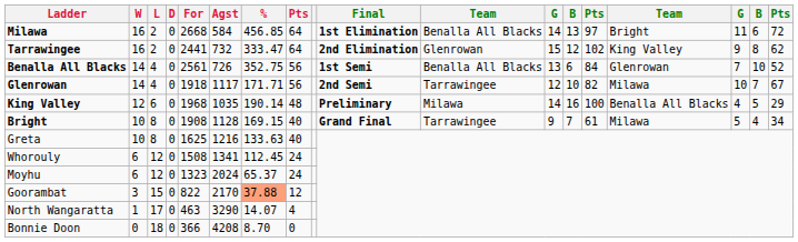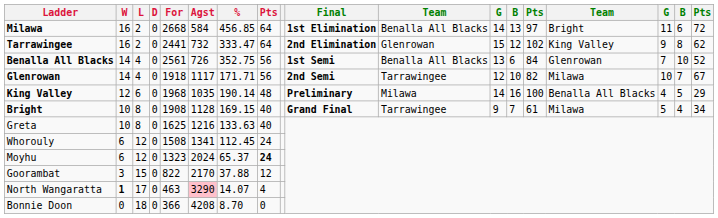 <table class="wikitable">
 <tr>
 <th style="color:crimson">Ladder</th>
 <th style="color:crimson">W</th>
 <th style="color:crimson">L</th>
 <th style="color:crimson">D</th>
 <th style="color:crimson">For</th>
 <th style="color:crimson">Agst</th>
 <th style="color:crimson">%</th>
 <th style="color:crimson">Pts</th>
 <th></th>
 <th style="color:green">Final</th>
 <th style="color:green">Team</th>
 <th style="color:green">G</th>
 <th style="color:green">B</th>
 <th style="color:green">Pts</th>
 <th style="color:green">Team</th>
 <th style="color:green">G</th>
 <th style="color:green">B</th>
 <th style="color:green">Pts</th>
 </tr>
 <tr>
 <td><strong>Milawa</strong></td>
 <td>16</td>
 <td>2</td>
 <td>0</td>
 <td>2668</td>
 <td>584</td>
 <td>456.85</td>
 <td>64</td>
 <td></td>
 <td><strong>1st Elimination</strong></td>
 <td>Benalla All Blacks</td>
 <td>14</td>
 <td>13</td>
 <td>97</td>
 <td>Bright</td>
 <td>11</td>
 <td>6</td>
 <td>72</td>
 </tr>
 <tr>
 <td><strong>Tarrawingee</strong></td>
 <td>16</td>
 <td>2</td>
 <td>0</td>
 <td>2441</td>
 <td>732</td>
 <td>333.47</td>
 <td>64</td>
 <td></td>
 <td><strong>2nd Elimination</strong></td>
 <td>Glenrowan</td>
 <td>15</td>
 <td>12</td>
 <td>102</td>
 <td>King Valley</td>
 <td>9</td>
 <td>8</td>
 <td>62</td>
 </tr>
 <tr>
 <td><strong>Benalla All Blacks</strong></td>
 <td>14</td>
 <td>4</td>
 <td>0</td>
 <td>2561</td>
 <td>726</td>
 <td>352.75</td>
 <td>56</td>
 <td></td>
 <td><strong>1st Semi</strong></td>
 <td>Benalla All Blacks</td>
 <td>13</td>
 <td>6</td>
 <td>84</td>
 <td>Glenrowan</td>
 <td>7</td>
 <td>10</td>
 <td>52</td>
 </tr>
 <tr>
 <td><strong>Glenrowan</strong></td>
 <td>14</td>
 <td>4</td>
 <td>0</td>
 <td>1918</td>
 <td>1117</td>
 <td>171.71</td>
 <td>56</td>
 <td></td>
 <td><strong>2nd Semi</strong></td>
 <td>Tarrawingee</td>
 <td>12</td>
 <td>10</td>
 <td>82</td>
 <td>Milawa</td>
 <td>10</td>
 <td>7</td>
 <td>67</td>
 </tr>
 <tr>
 <td><strong>King Valley</strong></td>
 <td>12</td>
 <td>6</td>
 <td>0</td>
 <td>1968</td>
 <td>1035</td>
 <td>190.14</td>
 <td>48</td>
 <td></td>
 <td><strong>Preliminary</strong></td>
 <td>Milawa</td>
 <td>14</td>
 <td>16</td>
 <td>100</td>
 <td>Benalla All Blacks</td>
 <td>4</td>
 <td>5</td>
 <td>29</td>
 </tr>
 <tr>
 <td><strong>Bright</strong></td>
 <td>10</td>
 <td>8</td>
 <td>0</td>
 <td>1908</td>
 <td>1128</td>
 <td>169.15</td>
 <td>40</td>
 <td></td>
 <td><strong>Grand Final</strong></td>
 <td>Tarrawingee</td>
 <td>9</td>
 <td>7</td>
 <td>61</td>
 <td>Milawa</td>
 <td>5</td>
 <td>4</td>
 <td>34</td>
 </tr>
 <tr>
 <td>Greta</td>
 <td>10</td>
 <td>8</td>
 <td>0</td>
 <td>1625</td>
 <td>1216</td>
 <td>133.63</td>
 <td>40</td>
 <td></td>
 </tr>
 <tr>
 <td>Whorouly</td>
 <td>6</td>
 <td>12</td>
 <td>0</td>
 <td>1508</td>
 <td>1341</td>
 <td>112.45</td>
 <td>24</td>
 <td></td>
 </tr>
 <tr>
 <td>Moyhu</td>
 <td>6</td>
 <td>12</td>
 <td>0</td>
 <td>1323</td>
 <td>2024</td>
 <td>65.37</td>
-<td>24</td>
+<td><strong>24</strong></td>
 <td></td>
 </tr>
 <tr>
 <td>Goorambat</td>
 <td>3</td>
 <td>15</td>
 <td>0</td>
 <td>822</td>
 <td>2170</td>
-<td style="background: lightsalmon;">37.88</td>
+<td>37.88</td>
 <td>12</td>
 <td></td>
 </tr>
 <tr>
 <td>North Wangaratta</td>
-<td>1</td>
+<td><strong>1</strong></td>
 <td>17</td>
 <td>0</td>
 <td>463</td>
-<td>3290</td>
+<td style="background: pink;">3290</td>
 <td>14.07</td>
 <td>4</td>
 <td></td>
 </tr>
 <tr>
 <td>Bonnie Doon</td>
 <td>0</td>
 <td>18</td>
 <td>0</td>
 <td>366</td>
 <td>4208</td>
 <td>8.70</td>
 <td>0</td>
 <td></td>
 </tr>
 </table>
